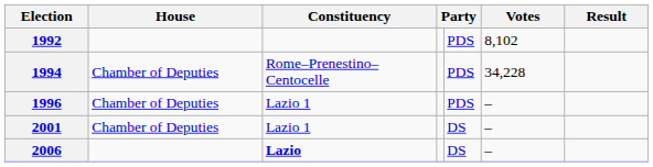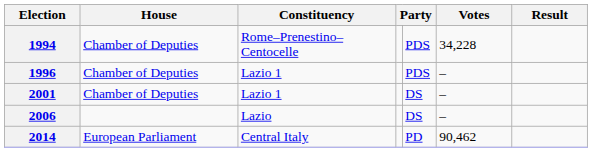 <table class=wikitable style="width:55%; border:1px #AAAAFF solid">
 <tr>
 <th width=12%>Election</th>
 <th width=25%>House</th>
 <th width=25%>Constituency</th>
 <th width=5% colspan="2">Party</th>
 <th width=12%>Votes</th>
 <th width=12%>Result</th>
-</tr>
-<tr>
-<th><a href='#'>1992</a></th>
-<td></td>
-<td></td>
-<td></td>
-<td><a href='#'>PDS</a></td>
-<td>8,102</td>
-<td></td>
 </tr>
 <tr>
 <th><a href='#'>1994</a></th>
 <td><a href='#'>Chamber of Deputies</a></td>
 <td><a href='#'>Rome–Prenestino–Centocelle</a></td>
 <td></td>
 <td><a href='#'>PDS</a></td>
 <td>34,228</td>
 <td></td>
 </tr>
 <tr>
 <th><a href='#'>1996</a></th>
 <td><a href='#'>Chamber of Deputies</a></td>
 <td><a href='#'>Lazio 1</a></td>
 <td></td>
 <td><a href='#'>PDS</a></td>
 <td>–</td>
 <td></td>
 </tr>
 <tr>
 <th><a href='#'>2001</a></th>
 <td><a href='#'>Chamber of Deputies</a></td>
 <td><a href='#'>Lazio 1</a></td>
 <td></td>
 <td><a href='#'>DS</a></td>
 <td>–</td>
 <td></td>
 </tr>
 <tr>
 <th><a href='#'>2006</a></th>
 <td></td>
-<td><strong><a href='#'>Lazio</a></strong></td>
+<td><a href='#'>Lazio</a></td>
 <td></td>
 <td><a href='#'>DS</a></td>
 <td>–</td>
 <td></td>
 </tr>
 <tr>
+<th><a href='#'>2014</a></th>
+<td><a href='#'>European Parliament</a></td>
+<td><a href='#'>Central Italy</a></td>
+<td></td>
+<td><a href='#'>PD</a></td>
+<td>90,462</td>
+<td></td>
+</tr>
+<tr>
 </tr>
 </table>
